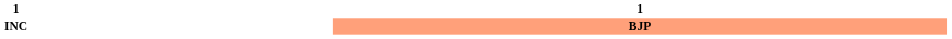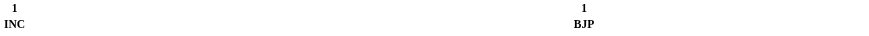 <table style="width:100%; text-align:center;">
 <tr>
 <td style="background:"><strong>1</strong></td>
 <td style="background:"><strong>1</strong></td>
 </tr>
 <tr>
 <td><span><strong>INC</strong></span></td>
-<td style="background: lightsalmon;"><span><strong>BJP</strong></span></td>
+<td><span><strong>BJP</strong></span></td>
 </tr>
 </table>
